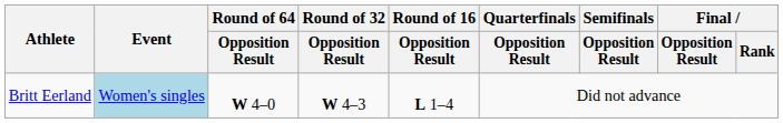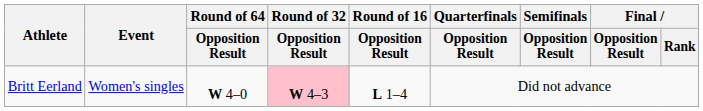 <table class="wikitable" style="font-size:90%;">
 <tr>
 <th rowspan=2>Athlete</th>
 <th rowspan=2>Event</th>
 <th>Round of 64</th>
 <th>Round of 32</th>
 <th>Round of 16</th>
 <th>Quarterfinals</th>
 <th>Semifinals</th>
 <th colspan=2>Final / </th>
 </tr>
 <tr style="font-size:95%">
 <th>Opposition<br>Result</th>
 <th>Opposition<br>Result</th>
 <th>Opposition<br>Result</th>
 <th>Opposition<br>Result</th>
 <th>Opposition<br>Result</th>
 <th>Opposition<br>Result</th>
 <th>Rank</th>
 </tr>
 <tr align=center>
 <td align=left><a href='#'>Britt Eerland</a></td>
-<td align=left style="background: lightblue;"><a href='#'>Women's singles</a></td>
+<td align=left><a href='#'>Women's singles</a></td>
 <td><br><strong>W</strong> 4–0</td>
-<td><br><strong>W</strong> 4–3</td>
+<td style="background: pink;"><br><strong>W</strong> 4–3</td>
 <td><br><strong>L</strong> 1–4</td>
 <td colspan=4>Did not advance</td>
 </tr>
 </table>
